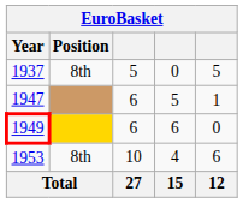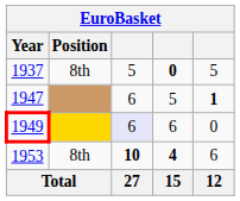 <table class="wikitable" style="text-align: center;font-size:90%;">
 <tr>
 <th colspan=5><a href='#'>EuroBasket</a></th>
 </tr>
 <tr>
 <th>Year</th>
 <th>Position</th>
 <th width=30></th>
 <th width=30></th>
 <th width=30></th>
 </tr>
 <tr>
 <td> <a href='#'>1937</a></td>
 <td>8th</td>
 <td>5</td>
-<td>0</td>
+<td><strong>0</strong></td>
 <td>5</td>
 </tr>
 <tr>
 <td> <a href='#'>1947</a></td>
 <td bgcolor=#cc9966></td>
 <td>6</td>
 <td>5</td>
-<td>1</td>
+<td><strong>1</strong></td>
 </tr>
 <tr>
 <td style="border: 3px solid red"> <a href='#'>1949</a></td>
 <td bgcolor=gold></td>
-<td>6</td>
+<td style="background: lavender;">6</td>
 <td>6</td>
 <td>0</td>
 </tr>
 <tr>
 <td> <a href='#'>1953</a></td>
 <td>8th</td>
-<td>10</td>
-<td>4</td>
+<td><strong>10</strong></td>
+<td><strong>4</strong></td>
 <td>6</td>
 </tr>
 <tr>
 <th colspan=2>Total</th>
 <th>27</th>
 <th>15</th>
 <th>12</th>
 </tr>
 </table>
